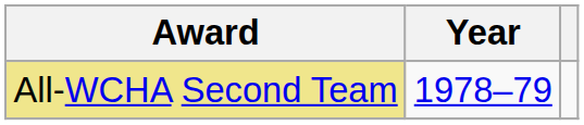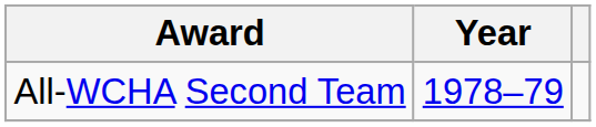 <table class="wikitable">
 <tr>
 <th>Award</th>
 <th>Year</th>
 <th></th>
 </tr>
 <tr>
-<td style="background: khaki;">All-<a href='#'>WCHA</a> <a href='#'>Second Team</a></td>
+<td>All-<a href='#'>WCHA</a> <a href='#'>Second Team</a></td>
 <td><a href='#'>1978–79</a></td>
 <td></td>
 </tr>
 <tr>
 </tr>
 </table>
